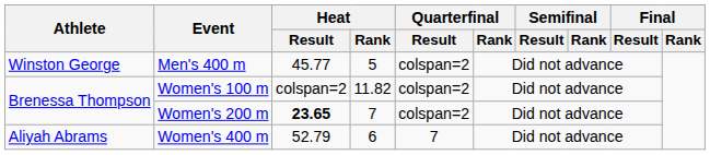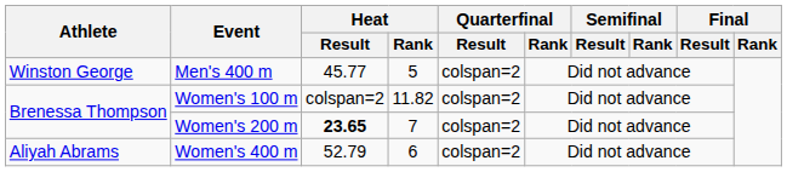 <table class="wikitable" style="font-size:90%">
 <tr>
 <th rowspan="2">Athlete</th>
 <th rowspan="2">Event</th>
 <th colspan="2">Heat</th>
 <th colspan="2">Quarterfinal</th>
 <th colspan="2">Semifinal</th>
 <th colspan="2">Final</th>
 </tr>
 <tr style="font-size:95%">
 <th>Result</th>
 <th>Rank</th>
 <th>Result</th>
 <th>Rank</th>
 <th>Result</th>
 <th>Rank</th>
 <th>Result</th>
 <th>Rank</th>
 </tr>
 <tr align=center>
 <td align=left><a href='#'>Winston George</a></td>
 <td align=left><a href='#'>Men's 400 m</a></td>
 <td>45.77</td>
 <td>5</td>
 <td>colspan=2 </td>
 <td colspan=4>Did not advance</td>
 </tr>
 <tr align=center>
 <td align=left rowspan=2><a href='#'>Brenessa Thompson</a></td>
 <td align=left><a href='#'>Women's 100 m</a></td>
 <td>colspan=2 </td>
 <td>11.82</td>
 <td>colspan=2 </td>
 <td colspan=4>Did not advance</td>
 </tr>
 <tr align=center>
 <td align=left><a href='#'>Women's 200 m</a></td>
 <td><strong>23.65</strong></td>
 <td>7</td>
 <td>colspan=2 </td>
 <td colspan=4>Did not advance</td>
 </tr>
 <tr align=center>
 <td align=left><a href='#'>Aliyah Abrams</a></td>
 <td align=left><a href='#'>Women's 400 m</a></td>
 <td>52.79</td>
 <td>6</td>
-<td>7</td>
+<td>colspan=2 </td>
 <td colspan=4>Did not advance</td>
 </tr>
 </table>
